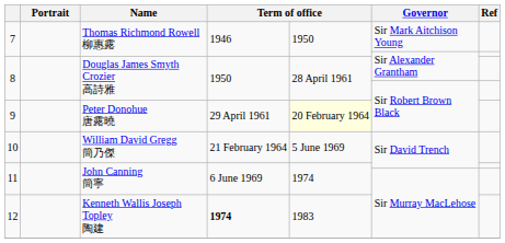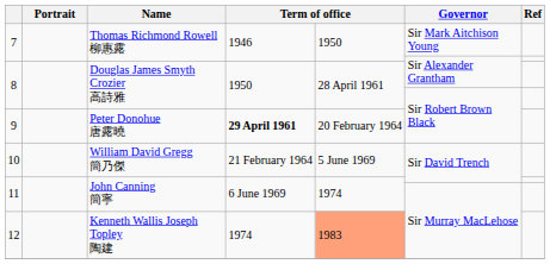 <table class="wikitable"  style="text-align:left">
 <tr>
 <th width="10"></th>
 <th width="80">Portrait</th>
 <th width="180">Name</th>
 <th width="180" colspan="2">Term of office</th>
 <th width="150"><a href='#'>Governor</a></th>
 <th>Ref</th>
 </tr>
 <tr>
 <td align=center rowspan=2>7</td>
 <td rowspan=2></td>
 <td rowspan=2><a href='#'>Thomas Richmond Rowell</a><br>柳惠露</td>
 <td rowspan=2>1946</td>
 <td rowspan=2>1950</td>
 <td>Sir <a href='#'>Mark Aitchison Young</a><br></td>
 <td></td>
 </tr>
 <tr>
 <td rowspan=2>Sir <a href='#'>Alexander Grantham</a><br></td>
 <td></td>
 </tr>
 <tr>
 <td align=center rowspan=2>8</td>
 <td rowspan=2></td>
 <td rowspan=2><a href='#'>Douglas James Smyth Crozier</a><br>高詩雅</td>
 <td rowspan=2>1950</td>
 <td rowspan=2>28 April 1961</td>
 <td></td>
 </tr>
 <tr>
 <td rowspan=2>Sir <a href='#'>Robert Brown Black</a><br></td>
 <td></td>
 </tr>
 <tr>
 <td align=center>9</td>
 <td></td>
 <td><a href='#'>Peter Donohue</a><br>唐露曉</td>
-<td>29 April 1961</td>
-<td style="background: lightyellow;">20 February 1964</td>
+<td><strong>29 April 1961</strong></td>
+<td>20 February 1964</td>
 <td></td>
 </tr>
 <tr>
 <td align=center>10</td>
 <td></td>
 <td><a href='#'>William David Gregg</a><br>簡乃傑</td>
 <td>21 February 1964</td>
 <td>5 June 1969</td>
 <td rowspan=2>Sir <a href='#'>David Trench</a><br></td>
 <td></td>
 </tr>
 <tr>
 <td align=center rowspan=2>11</td>
 <td rowspan=2></td>
 <td rowspan=2><a href='#'>John Canning</a><br>簡寧</td>
 <td rowspan=2>6 June 1969</td>
 <td rowspan=2>1974</td>
 <td></td>
 </tr>
 <tr>
 <td rowspan=2>Sir <a href='#'>Murray MacLehose</a><br></td>
 <td></td>
 </tr>
 <tr>
 <td align=center>12</td>
 <td></td>
 <td><a href='#'>Kenneth Wallis Joseph Topley</a><br>陶建</td>
-<td><strong>1974</strong></td>
-<td>1983</td>
+<td>1974</td>
+<td style="background: lightsalmon;">1983</td>
 <td></td>
 </tr>
 <tr>
 </tr>
 </table>
